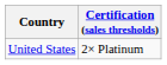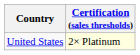 <table class="wikitable">
 <tr>
 <th>Country</th>
 <th><a href='#'>Certification</a><br><small>(<a href='#'>sales thresholds</a>)</small></th>
 </tr>
 <tr>
 <td><a href='#'>United States</a></td>
-<td>2× Platinum</td>
+<td style="background: lightyellow;">2× Platinum</td>
 </tr>
 </table>
